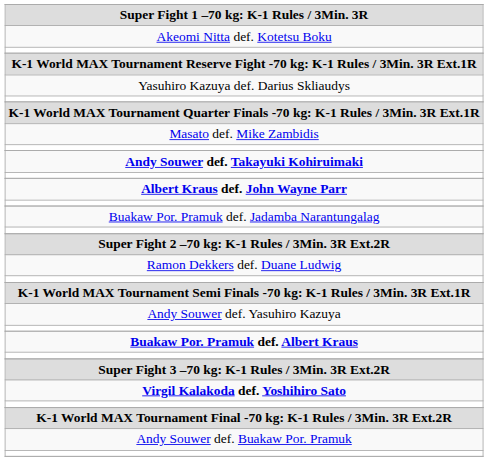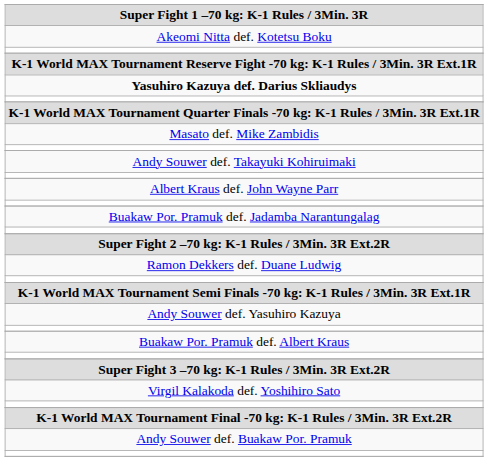 <table class="wikitable" style="clear:both; margin:1.5em auto; text-align:center;">
 <tr>
 </tr>
 <tr align="center"  bgcolor="#dddddd">
 <td><strong>Super Fight 1 –70 kg: K-1 Rules / 3Min. 3R</strong></td>
 </tr>
 <tr align="center"  bgcolor=>
 <td align=center> <a href='#'>Akeomi Nitta</a> def. <a href='#'>Kotetsu Boku</a> </td>
 </tr>
 <tr>
 <th style=background:white colspan=2></th>
 </tr>
 <tr>
 </tr>
 <tr align="center"  bgcolor="#dddddd">
 <td><strong>K-1 World MAX Tournament Reserve Fight -70 kg: K-1 Rules / 3Min. 3R Ext.1R</strong></td>
 </tr>
 <tr align="center"  bgcolor=>
-<td align=center> Yasuhiro Kazuya def. Darius Skliaudys </td>
+<td align=center><strong> Yasuhiro Kazuya def. Darius Skliaudys </strong></td>
 </tr>
 <tr>
 <th style=background:white colspan=2></th>
 </tr>
 <tr>
 </tr>
 <tr align="center"  bgcolor="#dddddd">
 <td><strong>K-1 World MAX Tournament Quarter Finals -70 kg: K-1 Rules / 3Min. 3R Ext.1R</strong></td>
 </tr>
 <tr align="center"  bgcolor=>
 <td align=center> <a href='#'>Masato</a> def. <a href='#'>Mike Zambidis</a> </td>
 </tr>
 <tr>
 <th style=background:white colspan=2></th>
 </tr>
 <tr>
 </tr>
 <tr align="center"  bgcolor=>
-<td align=center><strong> <a href='#'>Andy Souwer</a> def. <a href='#'>Takayuki Kohiruimaki</a> </strong></td>
+<td align=center> <a href='#'>Andy Souwer</a> def. <a href='#'>Takayuki Kohiruimaki</a> </td>
 </tr>
 <tr>
 <th style=background:white colspan=2></th>
 </tr>
 <tr>
 </tr>
 <tr align="center"  bgcolor=>
-<td align=center><strong> <a href='#'>Albert Kraus</a> def. <a href='#'>John Wayne Parr</a> </strong></td>
+<td align=center> <a href='#'>Albert Kraus</a> def. <a href='#'>John Wayne Parr</a> </td>
 </tr>
 <tr>
 <th style=background:white colspan=2></th>
 </tr>
 <tr>
 </tr>
 <tr align="center"  bgcolor=>
 <td align=center> <a href='#'>Buakaw Por. Pramuk</a> def. <a href='#'>Jadamba Narantungalag</a> </td>
 </tr>
 <tr>
 <th style=background:white colspan=2></th>
 </tr>
 <tr>
 </tr>
 <tr align="center"  bgcolor="#dddddd">
 <td><strong>Super Fight 2 –70 kg: K-1 Rules / 3Min. 3R Ext.2R</strong></td>
 </tr>
 <tr align="center"  bgcolor=>
 <td align=center> <a href='#'>Ramon Dekkers</a> def. <a href='#'>Duane Ludwig</a> </td>
 </tr>
 <tr>
 <th style=background:white colspan=2></th>
 </tr>
 <tr>
 </tr>
 <tr align="center"  bgcolor="#dddddd">
 <td><strong>K-1 World MAX Tournament Semi Finals -70 kg: K-1 Rules / 3Min. 3R Ext.1R</strong></td>
 </tr>
 <tr align="center"  bgcolor=>
 <td align=center> <a href='#'>Andy Souwer</a> def. Yasuhiro Kazuya </td>
 </tr>
 <tr>
 <th style=background:white colspan=2></th>
 </tr>
 <tr>
 </tr>
 <tr align="center"  bgcolor=>
-<td align=center><strong> <a href='#'>Buakaw Por. Pramuk</a> def. <a href='#'>Albert Kraus</a> </strong></td>
+<td align=center> <a href='#'>Buakaw Por. Pramuk</a> def. <a href='#'>Albert Kraus</a> </td>
 </tr>
 <tr>
 <th style=background:white colspan=2></th>
 </tr>
 <tr>
 </tr>
 <tr align="center"  bgcolor="#dddddd">
 <td><strong>Super Fight 3 –70 kg: K-1 Rules / 3Min. 3R Ext.2R</strong></td>
 </tr>
 <tr align="center"  bgcolor=>
-<td align=center><strong> <a href='#'>Virgil Kalakoda</a> def. <a href='#'>Yoshihiro Sato</a> </strong></td>
+<td align=center> <a href='#'>Virgil Kalakoda</a> def. <a href='#'>Yoshihiro Sato</a> </td>
 </tr>
 <tr>
 <th style=background:white colspan=2></th>
 </tr>
 <tr>
 </tr>
 <tr align="center"  bgcolor="#dddddd">
 <td><strong>K-1 World MAX Tournament Final -70 kg: K-1 Rules / 3Min. 3R Ext.2R</strong></td>
 </tr>
 <tr align="center"  bgcolor=>
 <td align=center> <a href='#'>Andy Souwer</a> def. <a href='#'>Buakaw Por. Pramuk</a> </td>
 </tr>
 <tr>
 <th style=background:white colspan=2></th>
 </tr>
 <tr>
 </tr>
 </table>
